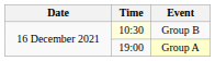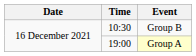 <table class = "wikitable" style="text-align:center;">
 <tr>
 <th width=150>Date</th>
 <th width=50>Time</th>
 <th width=80>Event</th>
 </tr>
 <tr>
 <td rowspan=2>16 December 2021</td>
-<td style="background: lightyellow;">10:30</td>
+<td>10:30</td>
 <td>Group B</td>
 </tr>
 <tr>
 <td>19:00</td>
 <td bgcolor=ffffcc>Group A</td>
 </tr>
 </table>
